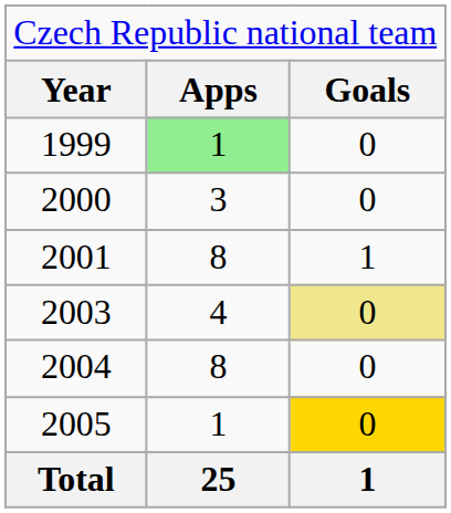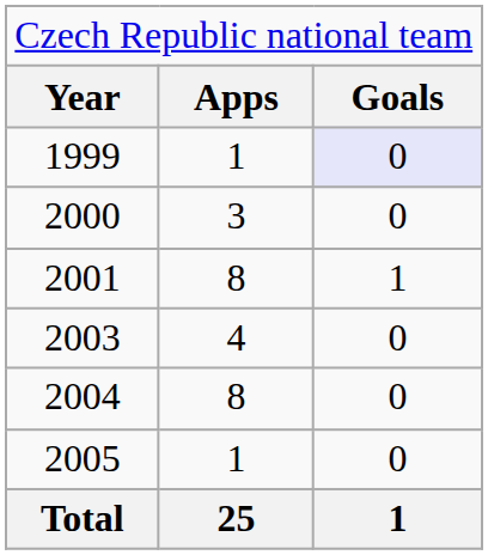 <table class="wikitable" style="text-align:center">
 <tr>
 <td colspan="3"><a href='#'>Czech Republic national team</a></td>
 </tr>
 <tr>
 <th>Year</th>
 <th>Apps</th>
 <th>Goals</th>
 </tr>
 <tr>
 <td>1999</td>
-<td style="background: lightgreen;">1</td>
-<td>0</td>
+<td>1</td>
+<td style="background: lavender;">0</td>
 </tr>
 <tr>
 <td>2000</td>
 <td>3</td>
 <td>0</td>
 </tr>
 <tr>
 <td>2001</td>
 <td>8</td>
 <td>1</td>
 </tr>
 <tr>
 <td>2003</td>
 <td>4</td>
-<td style="background: khaki;">0</td>
+<td>0</td>
 </tr>
 <tr>
 <td>2004</td>
 <td>8</td>
 <td>0</td>
 </tr>
 <tr>
 <td>2005</td>
 <td>1</td>
-<td style="background: gold;">0</td>
+<td>0</td>
 </tr>
 <tr>
 <th>Total</th>
 <th>25</th>
 <th>1</th>
 </tr>
 </table>
